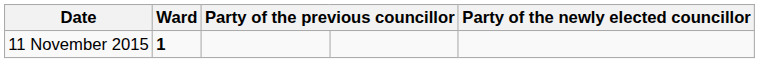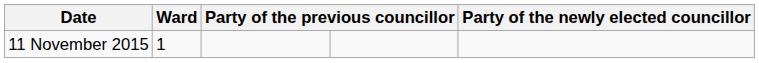 <table class="wikitable">
 <tr>
 <th>Date</th>
 <th>Ward</th>
 <th colspan=2>Party of the previous councillor</th>
 <th colspan=2>Party of the newly elected councillor</th>
 </tr>
 <tr>
 <td>11 November 2015</td>
-<td><strong>1</strong></td>
+<td>1</td>
 <td></td>
 <td></td>
 </tr>
 </table>
